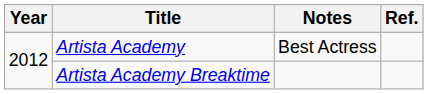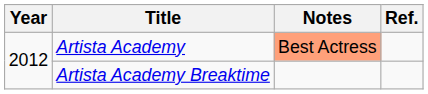 <table class="wikitable">
 <tr>
 <th>Year</th>
 <th>Title</th>
 <th>Notes</th>
 <th>Ref.</th>
 </tr>
 <tr>
 <td rowspan="2">2012</td>
 <td><em><a href='#'>Artista Academy</a></em></td>
-<td>Best Actress</td>
+<td style="background: lightsalmon;">Best Actress</td>
 <td></td>
 </tr>
 <tr>
 <td><a href='#'><em>Artista Academy Breaktime</em></a></td>
 <td></td>
 <td></td>
 </tr>
 </table>
